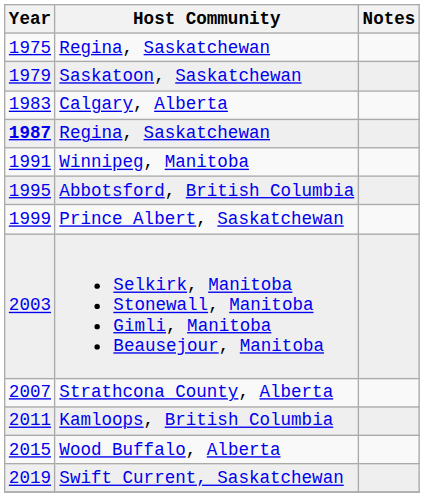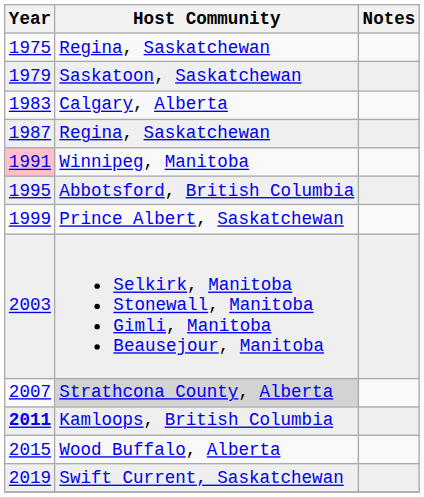 <table class="wikitable">
 <tr>
 <th>Year</th>
 <th>Host Community</th>
 <th>Notes</th>
 </tr>
 <tr>
 <td><a href='#'>1975</a></td>
 <td><a href='#'>Regina</a>, <a href='#'>Saskatchewan</a></td>
 <td></td>
 </tr>
 <tr style="background:#efefef;">
 <td><a href='#'>1979</a></td>
 <td><a href='#'>Saskatoon</a>, <a href='#'>Saskatchewan</a></td>
 <td></td>
 </tr>
 <tr>
 <td><a href='#'>1983</a></td>
 <td><a href='#'>Calgary</a>, <a href='#'>Alberta</a></td>
 <td></td>
 </tr>
 <tr style="background:#efefef;">
-<td><strong><a href='#'>1987</a></strong></td>
+<td><a href='#'>1987</a></td>
 <td><a href='#'>Regina</a>, <a href='#'>Saskatchewan</a></td>
 <td></td>
 </tr>
 <tr>
-<td><a href='#'>1991</a></td>
+<td style="background: pink;"><a href='#'>1991</a></td>
 <td><a href='#'>Winnipeg</a>, <a href='#'>Manitoba</a></td>
 <td></td>
 </tr>
 <tr style="background:#efefef;">
 <td><a href='#'>1995</a></td>
 <td><a href='#'>Abbotsford</a>, <a href='#'>British Columbia</a></td>
 <td></td>
 </tr>
 <tr>
 <td><a href='#'>1999</a></td>
 <td><a href='#'>Prince Albert</a>, <a href='#'>Saskatchewan</a></td>
 <td></td>
 </tr>
 <tr style="background:#efefef;">
 <td><a href='#'>2003</a></td>
 <td><br><ul><li><a href='#'>Selkirk</a>, <a href='#'>Manitoba</a></li><li><a href='#'>Stonewall</a>, <a href='#'>Manitoba</a></li><li><a href='#'>Gimli</a>, <a href='#'>Manitoba</a></li><li><a href='#'>Beausejour</a>, <a href='#'>Manitoba</a></li></ul></td>
 <td></td>
 </tr>
 <tr>
 <td><a href='#'>2007</a></td>
-<td><a href='#'>Strathcona County</a>, <a href='#'>Alberta</a></td>
+<td style="background: lightgrey;"><a href='#'>Strathcona County</a>, <a href='#'>Alberta</a></td>
 <td></td>
 </tr>
 <tr style="background:#efefef;">
-<td><a href='#'>2011</a></td>
+<td><strong><a href='#'>2011</a></strong></td>
 <td><a href='#'>Kamloops</a>, <a href='#'>British Columbia</a></td>
 <td></td>
 </tr>
 <tr>
 <td><a href='#'>2015</a></td>
 <td><a href='#'>Wood Buffalo</a>, <a href='#'>Alberta</a></td>
 <td></td>
 </tr>
 <tr style="background:#efefef;">
 <td><a href='#'>2019</a></td>
 <td><a href='#'>Swift Current, Saskatchewan</a></td>
 <td></td>
 </tr>
 <tr>
 </tr>
 </table>
